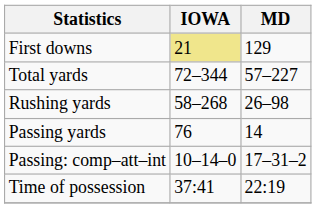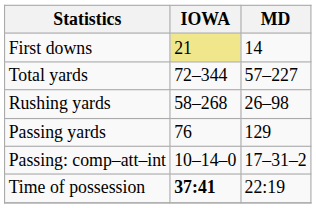 <table class="wikitable" style="float: left;">
 <tr>
 <th>Statistics</th>
 <th>IOWA</th>
 <th>MD</th>
 </tr>
 <tr>
 <td>First downs</td>
 <td style="background: khaki;">21</td>
-<td>129</td>
+<td>14</td>
 </tr>
 <tr>
 <td>Total yards</td>
 <td>72–344</td>
 <td>57–227</td>
 </tr>
 <tr>
 <td>Rushing yards</td>
 <td>58–268</td>
 <td>26–98</td>
 </tr>
 <tr>
 <td>Passing yards</td>
 <td>76</td>
-<td>14</td>
+<td>129</td>
 </tr>
 <tr>
 <td>Passing: comp–att–int</td>
 <td>10–14–0</td>
 <td>17–31–2</td>
 </tr>
 <tr>
 <td>Time of possession</td>
-<td>37:41</td>
+<td><strong>37:41</strong></td>
 <td>22:19</td>
 </tr>
 <tr>
 </tr>
 </table>
